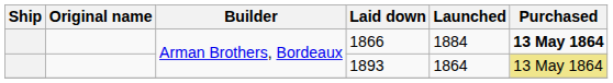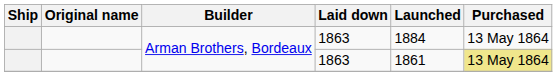 <table class="wikitable plainrowheaders">
 <tr>
 <th scope="col">Ship</th>
 <th scope="col">Original name</th>
 <th scope="col">Builder</th>
 <th scope="col">Laid down</th>
 <th scope="col">Launched</th>
 <th scope="col">Purchased</th>
 </tr>
 <tr>
 <th scope="row"></th>
 <td></td>
 <td rowspan=2><a href='#'>Arman Brothers</a>, <a href='#'>Bordeaux</a></td>
-<td>1866</td>
+<td>1863</td>
 <td>1884</td>
-<td><strong>13 May 1864</strong></td>
+<td>13 May 1864</td>
 </tr>
 <tr>
 <th scope="row"></th>
 <td></td>
-<td>1893</td>
-<td>1864</td>
+<td>1863</td>
+<td>1861</td>
 <td style="background: khaki;">13 May 1864</td>
 </tr>
 <tr>
 </tr>
 </table>
